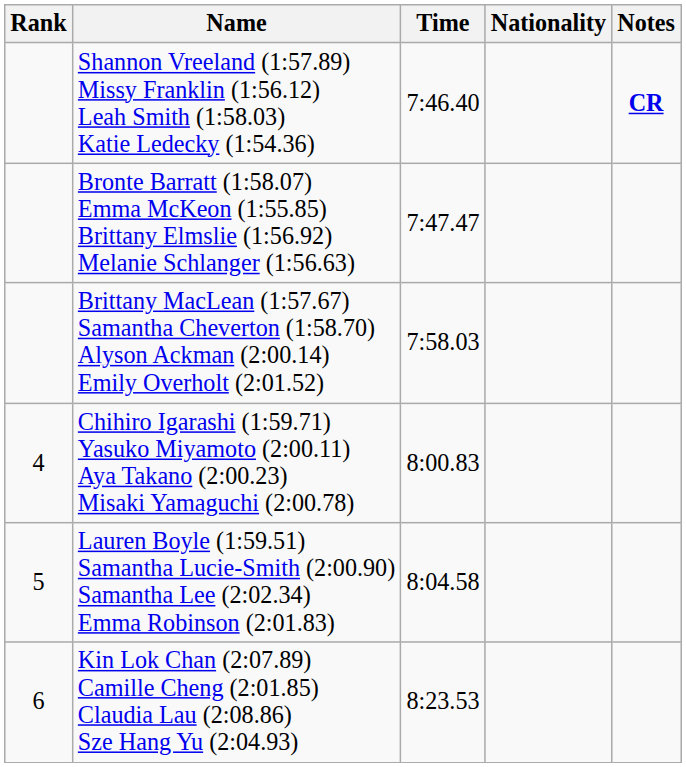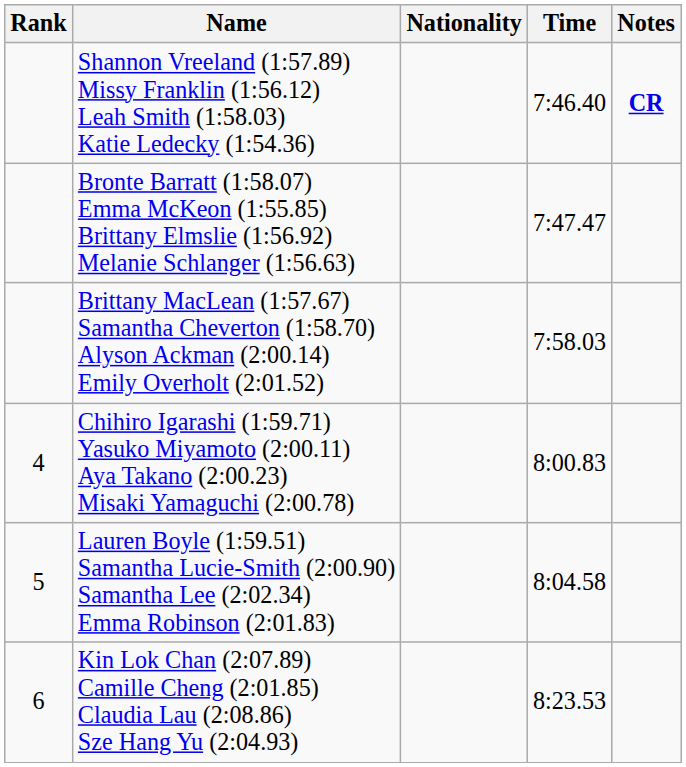 <table class="wikitable sortable" style="text-align:center">
 <tr>
 <th>Rank</th>
 <th>Name</th>
+<th>Nationality</th>
 <th>Time</th>
-<th>Nationality</th>
 <th>Notes</th>
 </tr>
 <tr>
 <td></td>
 <td align=left><a href='#'>Shannon Vreeland</a> (1:57.89) <br><a href='#'>Missy Franklin</a> (1:56.12) <br><a href='#'>Leah Smith</a> (1:58.03) <br><a href='#'>Katie Ledecky</a> (1:54.36)</td>
+<td align=left></td>
 <td>7:46.40</td>
-<td align=left></td>
 <td><strong><a href='#'>CR</a></strong></td>
 </tr>
 <tr>
 <td></td>
 <td align=left><a href='#'>Bronte Barratt</a> (1:58.07) <br><a href='#'>Emma McKeon</a> (1:55.85) <br><a href='#'>Brittany Elmslie</a> (1:56.92) <br><a href='#'>Melanie Schlanger</a> (1:56.63)</td>
+<td align=left></td>
 <td>7:47.47</td>
-<td align=left></td>
 <td></td>
 </tr>
 <tr>
 <td></td>
 <td align=left><a href='#'>Brittany MacLean</a> (1:57.67) <br><a href='#'>Samantha Cheverton</a> (1:58.70) <br><a href='#'>Alyson Ackman</a> (2:00.14) <br><a href='#'>Emily Overholt</a> (2:01.52)</td>
+<td align=left></td>
 <td>7:58.03</td>
-<td align=left></td>
 <td></td>
 </tr>
 <tr>
 <td>4</td>
 <td align=left><a href='#'>Chihiro Igarashi</a> (1:59.71) <br><a href='#'>Yasuko Miyamoto</a> (2:00.11) <br><a href='#'>Aya Takano</a> (2:00.23) <br><a href='#'>Misaki Yamaguchi</a> (2:00.78)</td>
+<td align=left></td>
 <td>8:00.83</td>
-<td align=left></td>
 <td></td>
 </tr>
 <tr>
 <td>5</td>
 <td align=left><a href='#'>Lauren Boyle</a> (1:59.51) <br> <a href='#'>Samantha Lucie-Smith</a> (2:00.90) <br> <a href='#'>Samantha Lee</a> (2:02.34) <br> <a href='#'>Emma Robinson</a> (2:01.83)</td>
+<td align=left></td>
 <td>8:04.58</td>
-<td align=left></td>
 <td></td>
 </tr>
 <tr>
 <td>6</td>
 <td align=left><a href='#'>Kin Lok Chan</a> (2:07.89) <br><a href='#'>Camille Cheng</a> (2:01.85) <br><a href='#'>Claudia Lau</a> (2:08.86) <br><a href='#'>Sze Hang Yu</a> (2:04.93)</td>
+<td align=left></td>
 <td>8:23.53</td>
-<td align=left></td>
 <td></td>
 </tr>
 </table>
